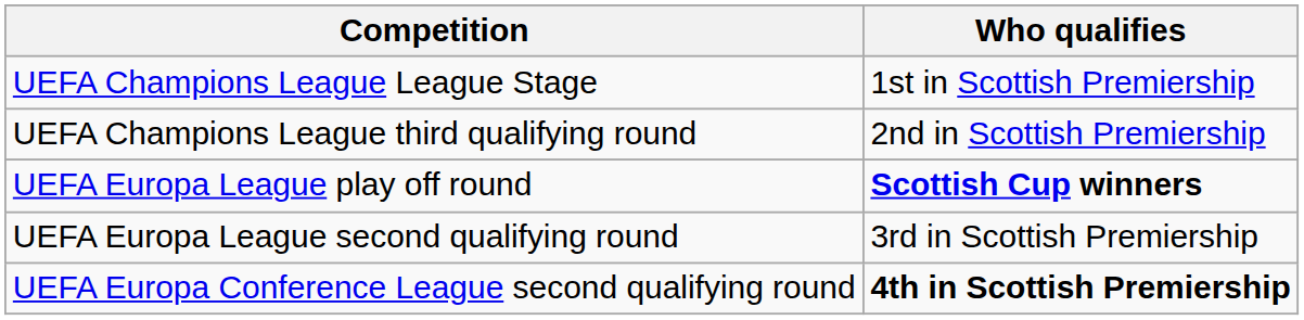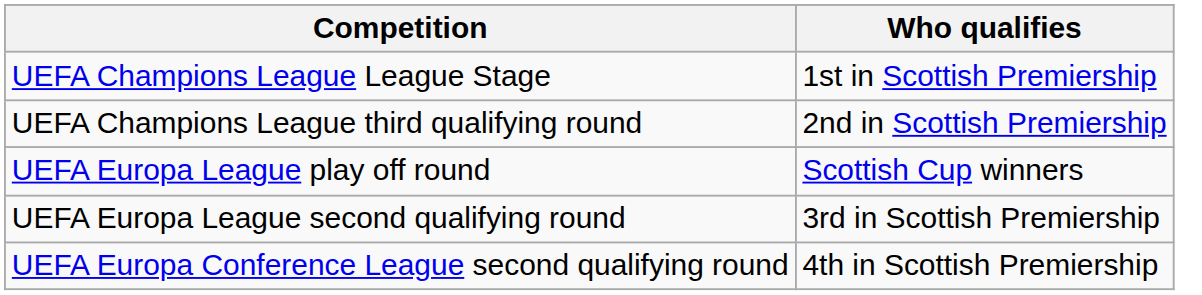 <table class="wikitable">
 <tr>
 <th>Competition</th>
 <th>Who qualifies</th>
 </tr>
 <tr>
 <td><a href='#'>UEFA Champions League</a> League Stage</td>
 <td>1st in <a href='#'>Scottish Premiership</a></td>
 </tr>
 <tr>
 <td>UEFA Champions League third qualifying round</td>
 <td>2nd in <a href='#'>Scottish Premiership</a></td>
 </tr>
 <tr>
 <td><a href='#'>UEFA Europa League</a> play off round</td>
-<td><strong><a href='#'>Scottish Cup</a> winners</strong></td>
+<td><a href='#'>Scottish Cup</a> winners</td>
 </tr>
 <tr>
 <td>UEFA Europa League second qualifying round</td>
 <td>3rd in Scottish Premiership</td>
 </tr>
 <tr>
 <td><a href='#'>UEFA Europa Conference League</a> second qualifying round</td>
-<td><strong>4th in Scottish Premiership</strong></td>
+<td>4th in Scottish Premiership</td>
 </tr>
 </table>
